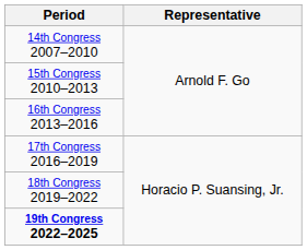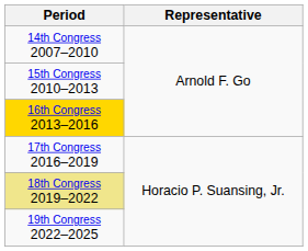 <table class="wikitable" style="text-align:center; width:40%;">
 <tr>
 <th width="40%">Period</th>
 <th>Representative</th>
 </tr>
 <tr>
 <td><small><a href='#'>14th Congress</a></small><br>2007–2010</td>
 <td rowspan="3">Arnold F. Go</td>
 </tr>
 <tr>
 <td><small><a href='#'>15th Congress</a></small><br>2010–2013</td>
 </tr>
 <tr>
-<td><small><a href='#'>16th Congress</a></small><br>2013–2016</td>
+<td style="background: gold;"><small><a href='#'>16th Congress</a></small><br>2013–2016</td>
 </tr>
 <tr>
 <td><small><a href='#'>17th Congress</a></small><br>2016–2019</td>
 <td rowspan="3">Horacio P. Suansing, Jr.</td>
 </tr>
 <tr>
-<td><small><a href='#'>18th Congress</a></small><br>2019–2022</td>
+<td style="background: khaki;"><small><a href='#'>18th Congress</a></small><br>2019–2022</td>
 </tr>
 <tr>
-<td><strong><small><a href='#'>19th Congress</a></small><br>2022–2025</strong></td>
+<td><small><a href='#'>19th Congress</a></small><br>2022–2025</td>
 </tr>
 </table>
